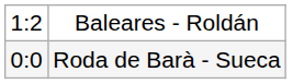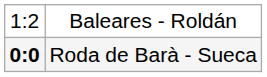 <table class="wikitable">
 <tr align=center bgcolor=white>
 <td>1:2</td>
 <td>Baleares - Roldán</td>
 </tr>
 <tr align=center bgcolor=#F5F5F5>
-<td>0:0</td>
+<td><strong>0:0</strong></td>
 <td>Roda de Barà - Sueca</td>
 </tr>
 </table>
